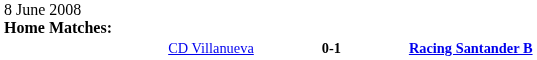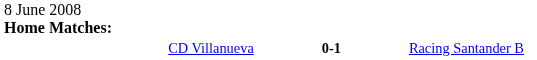 <table width=100% cellspacing=1>
 <tr>
 <th width=20%></th>
 <th width=12%></th>
 <th width=20%></th>
 <th></th>
 </tr>
 <tr>
 <td>8 June 2008<br><strong>Home Matches:</strong></td>
 </tr>
 <tr style=font-size:90%>
 <td align=right><a href='#'>CD Villanueva</a></td>
 <td align=center><strong>0-1</strong></td>
-<td><strong><a href='#'>Racing Santander B</a></strong></td>
+<td><a href='#'>Racing Santander B</a></td>
 </tr>
 </table>
